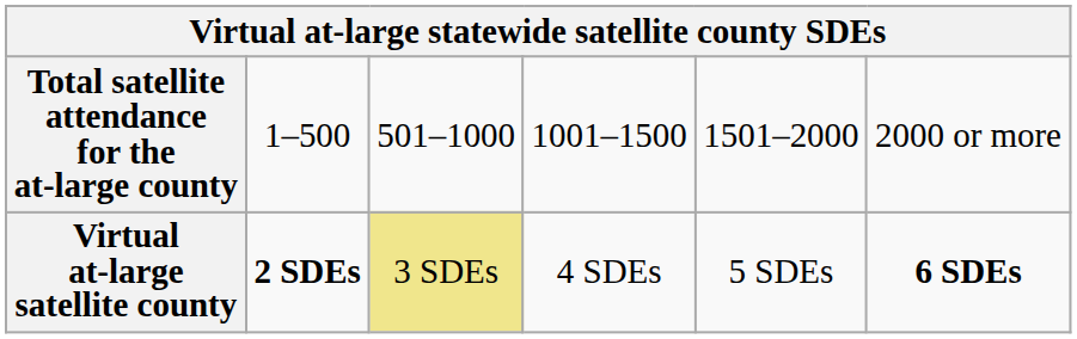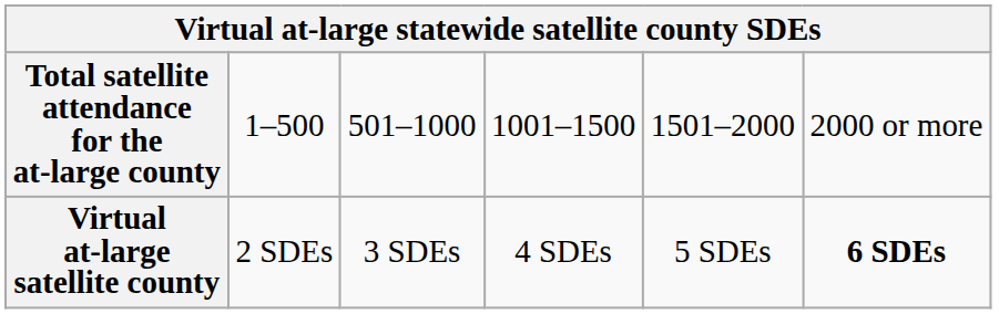 <table class="wikitable" style="position:left; padding:5px; text-align:center; font-size:90%; line-height:1.0">
 <tr>
 <th colspan="6">Virtual at-large statewide satellite county SDEs<br></th>
 </tr>
 <tr>
 <th>Total satellite<br> attendance<br> for the<br> at-large county</th>
 <td>1–500</td>
 <td>501–1000</td>
 <td>1001–1500</td>
 <td>1501–2000</td>
 <td>2000 or more</td>
 </tr>
 <tr align="center">
 <th>Virtual <br>at-large<br> satellite county</th>
-<td><strong>2 SDEs</strong></td>
-<td style="background: khaki;">3 SDEs</td>
+<td>2 SDEs</td>
+<td>3 SDEs</td>
 <td>4 SDEs</td>
 <td>5 SDEs</td>
 <td><strong>6 SDEs</strong></td>
 </tr>
 </table>
